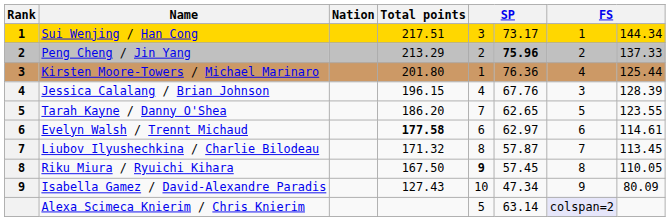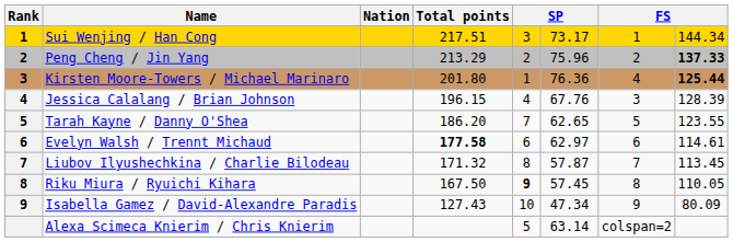 <table class="wikitable sortable">
 <tr>
 <th>Rank</th>
 <th>Name</th>
 <th>Nation</th>
 <th>Total points</th>
 <th colspan="2" width="80px"><a href='#'>SP</a></th>
 <th colspan="2" width="80px"><a href='#'>FS</a></th>
 </tr>
 <tr bgcolor="gold">
 <td align="center"><strong>1</strong></td>
 <td><a href='#'>Sui Wenjing</a> / <a href='#'>Han Cong</a></td>
 <td></td>
 <td align="center">217.51</td>
 <td align="center">3</td>
 <td align="center">73.17</td>
 <td align="center">1</td>
 <td align="center">144.34</td>
 </tr>
 <tr bgcolor="silver">
 <td align="center"><strong>2</strong></td>
 <td><a href='#'>Peng Cheng</a> / <a href='#'>Jin Yang</a></td>
 <td></td>
 <td align="center">213.29</td>
 <td align="center">2</td>
-<td align="center"><strong>75.96</strong></td>
+<td align="center">75.96</td>
 <td align="center">2</td>
-<td align="center">137.33</td>
+<td align="center"><strong>137.33</strong></td>
 </tr>
 <tr bgcolor="cc9966">
 <td align="center"><strong>3</strong></td>
 <td><a href='#'>Kirsten Moore-Towers</a> / <a href='#'>Michael Marinaro</a></td>
 <td></td>
 <td align="center">201.80</td>
 <td align="center">1</td>
 <td align="center">76.36</td>
 <td align="center">4</td>
-<td align="center">125.44</td>
+<td align="center"><strong>125.44</strong></td>
 </tr>
 <tr>
 <th>4</th>
 <td><a href='#'>Jessica Calalang</a> / <a href='#'>Brian Johnson</a></td>
 <td></td>
 <td align="center">196.15</td>
 <td align="center">4</td>
 <td align="center">67.76</td>
 <td align="center">3</td>
 <td align="center">128.39</td>
 </tr>
 <tr>
 <th>5</th>
 <td><a href='#'>Tarah Kayne</a> / <a href='#'>Danny O'Shea</a></td>
 <td></td>
 <td align="center">186.20</td>
 <td align="center">7</td>
 <td align="center">62.65</td>
 <td align="center">5</td>
 <td align="center">123.55</td>
 </tr>
 <tr>
 <th>6</th>
 <td><a href='#'>Evelyn Walsh</a> / <a href='#'>Trennt Michaud</a></td>
 <td></td>
 <td align="center"><strong>177.58</strong></td>
 <td align="center">6</td>
 <td align="center">62.97</td>
 <td align="center">6</td>
 <td align="center">114.61</td>
 </tr>
 <tr>
 <th>7</th>
 <td><a href='#'>Liubov Ilyushechkina</a> / <a href='#'>Charlie Bilodeau</a></td>
 <td></td>
 <td align="center">171.32</td>
 <td align="center">8</td>
 <td align="center">57.87</td>
 <td align="center">7</td>
 <td align="center">113.45</td>
 </tr>
 <tr>
 <th>8</th>
 <td><a href='#'>Riku Miura</a> / <a href='#'>Ryuichi Kihara</a></td>
 <td></td>
 <td align="center">167.50</td>
 <td align="center"><strong>9</strong></td>
 <td align="center">57.45</td>
 <td align="center">8</td>
 <td align="center">110.05</td>
 </tr>
 <tr>
 <th>9</th>
 <td><a href='#'>Isabella Gamez</a> / <a href='#'>David-Alexandre Paradis</a></td>
 <td></td>
 <td align="center">127.43</td>
 <td align="center">10</td>
 <td align="center">47.34</td>
 <td align="center">9</td>
 <td align="center">80.09</td>
 </tr>
 <tr>
 <th></th>
 <td><a href='#'>Alexa Scimeca Knierim</a> / <a href='#'>Chris Knierim</a></td>
 <td></td>
 <td></td>
 <td align="center">5</td>
 <td align="center">63.14</td>
-<td style="background: lavender;">colspan=2 </td>
+<td>colspan=2 </td>
 </tr>
 </table>
